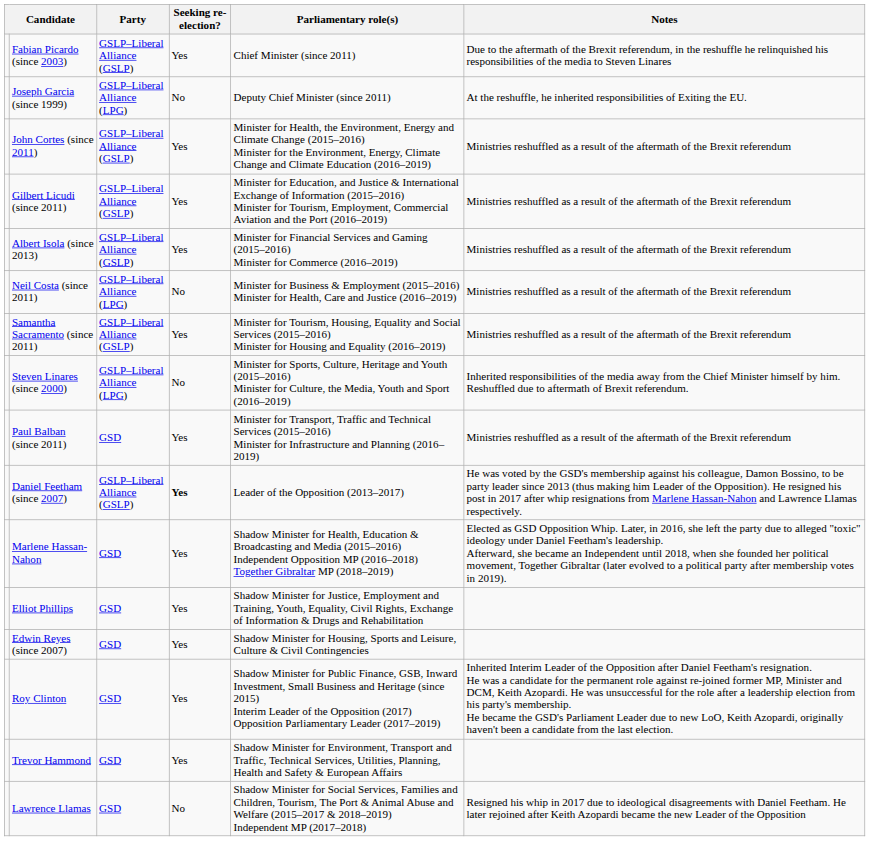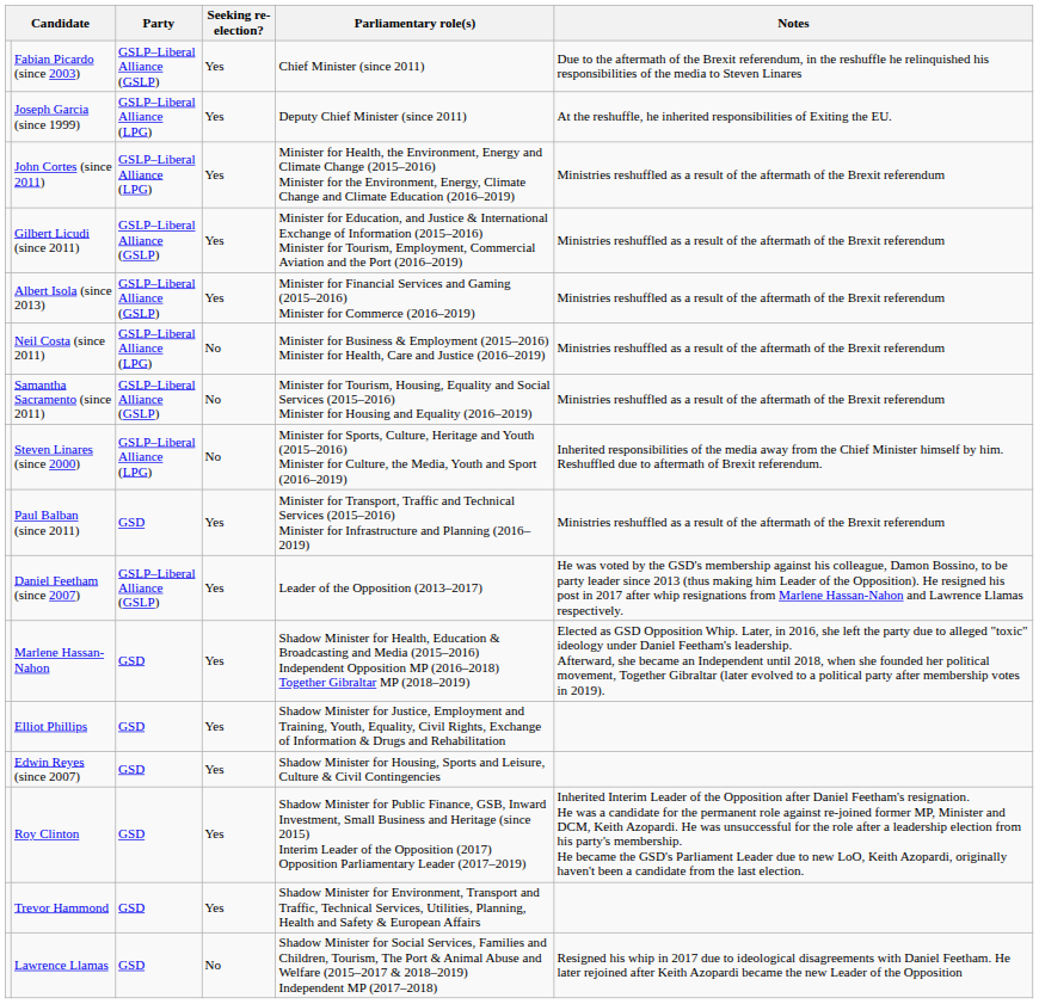 <table class=wikitable>
 <tr>
 <th colspan=2>Candidate</th>
 <th>Party</th>
 <th>Seeking re-election?</th>
 <th>Parliamentary role(s)</th>
 <th>Notes</th>
 </tr>
 <tr>
 <td style="background-color: "></td>
 <td><a href='#'>Fabian Picardo</a> (since <a href='#'>2003</a>)</td>
 <td><a href='#'>GSLP–Liberal Alliance</a> (<a href='#'>GSLP</a>)</td>
 <td>Yes</td>
 <td>Chief Minister (since 2011)</td>
 <td>Due to the aftermath of the Brexit referendum, in the reshuffle he relinquished his responsibilities of the media to Steven Linares</td>
 </tr>
 <tr>
 <td style="background-color: "></td>
 <td><a href='#'>Joseph Garcia</a> (since 1999)</td>
 <td><a href='#'>GSLP–Liberal Alliance</a> (<a href='#'>LPG</a>)</td>
-<td>No</td>
+<td>Yes</td>
 <td>Deputy Chief Minister (since 2011)</td>
 <td>At the reshuffle, he inherited responsibilities of Exiting the EU.</td>
 </tr>
 <tr>
 <td style="background-color: "></td>
 <td><a href='#'>John Cortes</a> (since <a href='#'>2011</a>)</td>
-<td><a href='#'>GSLP–Liberal Alliance</a> (<a href='#'>GSLP</a>)</td>
+<td><a href='#'>GSLP–Liberal Alliance</a> (<a href='#'>LPG</a>)</td>
 <td>Yes</td>
 <td>Minister for Health, the Environment, Energy and Climate Change (2015–2016)<br>Minister for the Environment, Energy, Climate Change and Climate Education (2016–2019)</td>
 <td>Ministries reshuffled as a result of the aftermath of the Brexit referendum</td>
 </tr>
 <tr>
 <td style="background-color: "></td>
 <td><a href='#'>Gilbert Licudi</a> (since 2011)</td>
 <td><a href='#'>GSLP–Liberal Alliance</a> (<a href='#'>GSLP</a>)</td>
 <td>Yes</td>
 <td>Minister for Education, and Justice & International Exchange of Information (2015–2016)<br>Minister for Tourism, Employment, Commercial Aviation and the Port (2016–2019)</td>
 <td>Ministries reshuffled as a result of the aftermath of the Brexit referendum</td>
 </tr>
 <tr>
 <td style="background-color: "></td>
 <td><a href='#'>Albert Isola</a> (since 2013)</td>
 <td><a href='#'>GSLP–Liberal Alliance</a> (<a href='#'>GSLP</a>)</td>
 <td>Yes</td>
 <td>Minister for Financial Services and Gaming (2015–2016)<br>Minister for Commerce (2016–2019)</td>
 <td>Ministries reshuffled as a result of the aftermath of the Brexit referendum</td>
 </tr>
 <tr>
 <td style="background-color: "></td>
 <td><a href='#'>Neil Costa</a> (since 2011)</td>
 <td><a href='#'>GSLP–Liberal Alliance</a> (<a href='#'>LPG</a>)</td>
 <td>No</td>
 <td>Minister for Business & Employment (2015–2016)<br>Minister for Health, Care and Justice (2016–2019)</td>
 <td>Ministries reshuffled as a result of the aftermath of the Brexit referendum</td>
 </tr>
 <tr>
 <td style="background-color: "></td>
 <td><a href='#'>Samantha Sacramento</a> (since 2011)</td>
 <td><a href='#'>GSLP–Liberal Alliance</a> (<a href='#'>GSLP</a>)</td>
-<td>Yes</td>
+<td>No</td>
 <td>Minister for Tourism, Housing, Equality and Social Services (2015–2016)<br>Minister for Housing and Equality (2016–2019)</td>
 <td>Ministries reshuffled as a result of the aftermath of the Brexit referendum</td>
 </tr>
 <tr>
 <td style="background-color: "></td>
 <td><a href='#'>Steven Linares</a> (since <a href='#'>2000</a>)</td>
 <td><a href='#'>GSLP–Liberal Alliance</a> (<a href='#'>LPG</a>)</td>
 <td>No</td>
 <td>Minister for Sports, Culture, Heritage and Youth (2015–2016)<br>Minister for Culture, the Media, Youth and Sport (2016–2019)</td>
 <td>Inherited responsibilities of the media away from the Chief Minister himself by him. Reshuffled due to aftermath of Brexit referendum.</td>
 </tr>
 <tr>
 <td style="background-color: "></td>
 <td><a href='#'>Paul Balban</a> (since 2011)</td>
 <td><a href='#'>GSD</a></td>
 <td>Yes</td>
 <td>Minister for Transport, Traffic and Technical Services (2015–2016)<br>Minister for Infrastructure and Planning (2016–2019)</td>
 <td>Ministries reshuffled as a result of the aftermath of the Brexit referendum</td>
 </tr>
 <tr>
 <td style="background-color: "></td>
 <td><a href='#'>Daniel Feetham</a> (since <a href='#'>2007</a>)</td>
 <td><a href='#'>GSLP–Liberal Alliance</a> (<a href='#'>GSLP</a>)</td>
-<td><strong>Yes</strong></td>
+<td>Yes</td>
 <td>Leader of the Opposition (2013–2017)</td>
 <td>He was voted by the GSD's membership against his colleague, Damon Bossino, to be party leader since 2013 (thus making him Leader of the Opposition). He resigned his post in 2017 after whip resignations from <a href='#'>Marlene Hassan-Nahon</a> and Lawrence Llamas respectively.</td>
 </tr>
 <tr>
 <td style="background-color: "></td>
 <td><a href='#'>Marlene Hassan-Nahon</a></td>
 <td><a href='#'>GSD</a></td>
 <td>Yes</td>
 <td>Shadow Minister for Health, Education & Broadcasting and Media (2015–2016)<br>Independent Opposition MP (2016–2018)<br><a href='#'>Together Gibraltar</a> MP (2018–2019)</td>
 <td>Elected as GSD Opposition Whip. Later, in 2016, she left the party due to alleged "toxic" ideology under Daniel Feetham's leadership.<br>Afterward, she became an Independent until 2018, when she founded her political movement, Together Gibraltar (later evolved to a political party after membership votes in 2019).</td>
 </tr>
 <tr>
 <td style="background-color: "></td>
 <td><a href='#'>Elliot Phillips</a></td>
 <td><a href='#'>GSD</a></td>
 <td>Yes</td>
 <td>Shadow Minister for Justice, Employment and Training, Youth, Equality, Civil Rights, Exchange of Information & Drugs and Rehabilitation</td>
 <td></td>
 </tr>
 <tr>
 <td style="background-color: "></td>
 <td><a href='#'>Edwin Reyes</a> (since 2007)</td>
 <td><a href='#'>GSD</a></td>
 <td>Yes</td>
 <td>Shadow Minister for Housing, Sports and Leisure, Culture & Civil Contingencies</td>
 <td></td>
 </tr>
 <tr>
 <td style="background-color: "></td>
 <td><a href='#'>Roy Clinton</a></td>
 <td><a href='#'>GSD</a></td>
 <td>Yes</td>
 <td>Shadow Minister for Public Finance, GSB, Inward Investment, Small Business and Heritage (since 2015)<br>Interim Leader of the Opposition (2017)<br>Opposition Parliamentary Leader (2017–2019)</td>
 <td>Inherited Interim Leader of the Opposition after Daniel Feetham's resignation.<br>He was a candidate for the permanent role against re-joined former MP, Minister and DCM, Keith Azopardi. He was unsuccessful for the role after a leadership election from his party's membership.<br>He became the GSD's Parliament Leader due to new LoO, Keith Azopardi, originally haven't  been a candidate from the last election.</td>
 </tr>
 <tr>
 <td style="background-color: "></td>
 <td><a href='#'>Trevor Hammond</a></td>
 <td><a href='#'>GSD</a></td>
 <td>Yes</td>
 <td>Shadow Minister for Environment, Transport and Traffic, Technical Services, Utilities, Planning, Health and Safety & European Affairs</td>
 <td></td>
 </tr>
 <tr>
 <td style="background-color: "></td>
 <td><a href='#'>Lawrence Llamas</a></td>
 <td><a href='#'>GSD</a></td>
 <td>No</td>
 <td>Shadow Minister for Social Services, Families and Children, Tourism, The Port & Animal Abuse and Welfare (2015–2017 & 2018–2019)<br>Independent MP (2017–2018)</td>
 <td>Resigned his whip in 2017 due to ideological disagreements with Daniel Feetham. He later rejoined after Keith Azopardi became the new Leader of the Opposition</td>
 </tr>
 </table>
